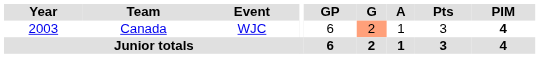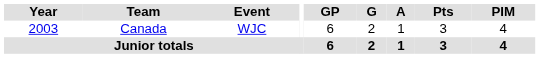 <table border="0" cellpadding="1" cellspacing="0" ID="Table3" style="text-align:center; width:40em">
 <tr bgcolor="#e0e0e0">
 <th>Year</th>
 <th>Team</th>
 <th>Event</th>
 <th rowspan="102" bgcolor="#ffffff"></th>
 <th>GP</th>
 <th>G</th>
 <th>A</th>
 <th>Pts</th>
 <th>PIM</th>
 </tr>
 <tr>
 <td><a href='#'>2003</a></td>
 <td><a href='#'>Canada</a></td>
 <td><a href='#'>WJC</a></td>
 <td>6</td>
-<td style="background: lightsalmon;">2</td>
+<td>2</td>
 <td>1</td>
 <td>3</td>
-<td><strong>4</strong></td>
+<td>4</td>
 </tr>
 <tr bgcolor="#e0e0e0">
 <th colspan="4">Junior totals</th>
 <th>6</th>
 <th>2</th>
 <th>1</th>
 <th>3</th>
 <th>4</th>
 </tr>
 </table>
